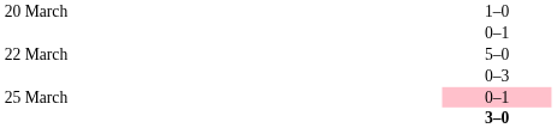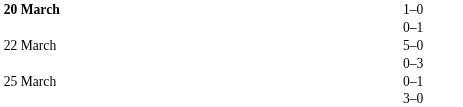 <table cellspacing=1 width=85%>
 <tr>
 <th width=15%></th>
 <th width=25%></th>
 <th width=10%></th>
 <th width=25%></th>
 <th width=25%></th>
 </tr>
 <tr>
-<td>20 March</td>
+<td><strong>20 March</strong></td>
 <td align=right></td>
 <td align=center>1–0</td>
 <td></td>
 </tr>
 <tr>
 <td></td>
 <td align=right></td>
 <td align=center>0–1</td>
 <td></td>
 </tr>
 <tr>
 <td>22 March</td>
 <td align=right></td>
 <td align=center>5–0</td>
 <td></td>
 </tr>
 <tr>
 <td></td>
 <td align=right></td>
 <td align=center>0–3</td>
 <td></td>
 </tr>
 <tr>
 <td>25 March</td>
 <td align=right></td>
-<td align=center style="background: pink;">0–1</td>
+<td align=center>0–1</td>
 <td></td>
 </tr>
 <tr>
 <td></td>
 <td align=right></td>
-<td align=center><strong>3–0</strong></td>
+<td align=center>3–0</td>
 <td></td>
 </tr>
 </table>
